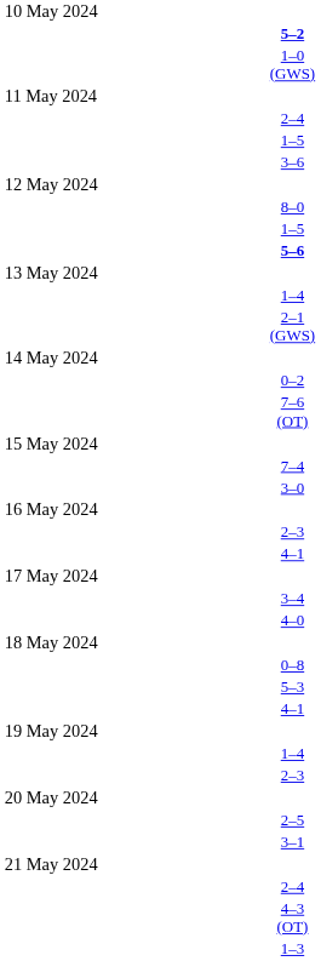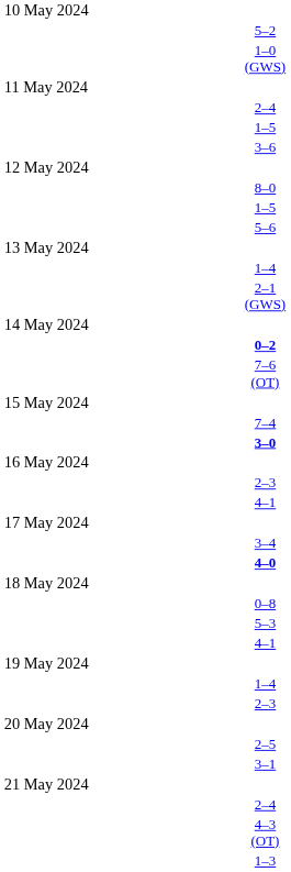 <table style="width:100%;" cellspacing="1">
 <tr>
 <th width=25%></th>
 <th width=2%></th>
 <th width=6%></th>
 <th width=2%></th>
 <th width=25%></th>
 </tr>
 <tr>
 <td>10 May 2024</td>
 </tr>
 <tr style=font-size:90%>
 <td align=right></td>
 <td></td>
-<td align=center><strong><a href='#'>5–2</a></strong></td>
+<td align=center><a href='#'>5–2</a></td>
 <td></td>
 <td></td>
 <td></td>
 </tr>
 <tr style=font-size:90%>
 <td align=right></td>
 <td></td>
 <td align=center><a href='#'>1–0 (GWS)</a></td>
 <td></td>
 <td></td>
 <td></td>
 </tr>
 <tr>
 <td>11 May 2024</td>
 </tr>
 <tr style=font-size:90%>
 <td align=right></td>
 <td></td>
 <td align=center><a href='#'>2–4</a></td>
 <td></td>
 <td></td>
 <td></td>
 </tr>
 <tr style=font-size:90%>
 <td align=right></td>
 <td></td>
 <td align=center><a href='#'>1–5</a></td>
 <td></td>
 <td></td>
 <td></td>
 </tr>
 <tr style=font-size:90%>
 <td align=right></td>
 <td></td>
 <td align=center><a href='#'>3–6</a></td>
 <td></td>
 <td></td>
 <td></td>
 </tr>
 <tr>
 <td>12 May 2024</td>
 </tr>
 <tr style=font-size:90%>
 <td align=right></td>
 <td></td>
 <td align=center><a href='#'>8–0</a></td>
 <td></td>
 <td></td>
 <td></td>
 </tr>
 <tr style=font-size:90%>
 <td align=right></td>
 <td></td>
 <td align=center><a href='#'>1–5</a></td>
 <td></td>
 <td></td>
 <td></td>
 </tr>
 <tr style=font-size:90%>
 <td align=right></td>
 <td></td>
-<td align=center><strong><a href='#'>5–6</a></strong></td>
+<td align=center><a href='#'>5–6</a></td>
 <td></td>
 <td></td>
 <td></td>
 </tr>
 <tr>
 <td>13 May 2024</td>
 </tr>
 <tr style=font-size:90%>
 <td align=right></td>
 <td></td>
 <td align=center><a href='#'>1–4</a></td>
 <td></td>
 <td></td>
 <td></td>
 </tr>
 <tr style=font-size:90%>
 <td align=right></td>
 <td></td>
 <td align=center><a href='#'>2–1 (GWS)</a></td>
 <td></td>
 <td></td>
 <td></td>
 </tr>
 <tr>
 <td>14 May 2024</td>
 </tr>
 <tr style=font-size:90%>
 <td align=right></td>
 <td></td>
-<td align=center><a href='#'>0–2</a></td>
+<td align=center><strong><a href='#'>0–2</a></strong></td>
 <td></td>
 <td></td>
 <td></td>
 </tr>
 <tr style=font-size:90%>
 <td align=right></td>
 <td></td>
 <td align=center><a href='#'>7–6 (OT)</a></td>
 <td></td>
 <td></td>
 <td></td>
 </tr>
 <tr>
 <td>15 May 2024</td>
 </tr>
 <tr style=font-size:90%>
 <td align=right></td>
 <td></td>
 <td align=center><a href='#'>7–4</a></td>
 <td></td>
 <td></td>
 <td></td>
 </tr>
 <tr style=font-size:90%>
 <td align=right></td>
 <td></td>
-<td align=center><a href='#'>3–0</a></td>
+<td align=center><strong><a href='#'>3–0</a></strong></td>
 <td></td>
 <td></td>
 <td></td>
 </tr>
 <tr>
 <td>16 May 2024</td>
 </tr>
 <tr style=font-size:90%>
 <td align=right></td>
 <td></td>
 <td align=center><a href='#'>2–3</a></td>
 <td></td>
 <td></td>
 <td></td>
 </tr>
 <tr style=font-size:90%>
 <td align=right></td>
 <td></td>
 <td align=center><a href='#'>4–1</a></td>
 <td></td>
 <td></td>
 <td></td>
 </tr>
 <tr>
 <td>17 May 2024</td>
 </tr>
 <tr style=font-size:90%>
 <td align=right></td>
 <td></td>
 <td align=center><a href='#'>3–4</a></td>
 <td></td>
 <td></td>
 <td></td>
 </tr>
 <tr style=font-size:90%>
 <td align=right></td>
 <td></td>
-<td align=center><a href='#'>4–0</a></td>
+<td align=center><strong><a href='#'>4–0</a></strong></td>
 <td></td>
 <td></td>
 <td></td>
 </tr>
 <tr>
 <td>18 May 2024</td>
 </tr>
 <tr style=font-size:90%>
 <td align=right></td>
 <td></td>
 <td align=center><a href='#'>0–8</a></td>
 <td></td>
 <td></td>
 <td></td>
 </tr>
 <tr style=font-size:90%>
 <td align=right></td>
 <td></td>
 <td align=center><a href='#'>5–3</a></td>
 <td></td>
 <td></td>
 <td></td>
 </tr>
 <tr style=font-size:90%>
 <td align=right></td>
 <td></td>
 <td align=center><a href='#'>4–1</a></td>
 <td></td>
 <td></td>
 <td></td>
 </tr>
 <tr>
 <td>19 May 2024</td>
 </tr>
 <tr style=font-size:90%>
 <td align=right></td>
 <td></td>
 <td align=center><a href='#'>1–4</a></td>
 <td></td>
 <td></td>
 <td></td>
 </tr>
 <tr style=font-size:90%>
 <td align=right></td>
 <td></td>
 <td align=center><a href='#'>2–3</a></td>
 <td></td>
 <td></td>
 <td></td>
 </tr>
 <tr>
 <td>20 May 2024</td>
 </tr>
 <tr style=font-size:90%>
 <td align=right></td>
 <td></td>
 <td align=center><a href='#'>2–5</a></td>
 <td></td>
 <td></td>
 <td></td>
 </tr>
 <tr style=font-size:90%>
 <td align=right></td>
 <td></td>
 <td align=center><a href='#'>3–1</a></td>
 <td></td>
 <td></td>
 <td></td>
 </tr>
 <tr>
 <td>21 May 2024</td>
 </tr>
 <tr style=font-size:90%>
 <td align=right></td>
 <td></td>
 <td align=center><a href='#'>2–4</a></td>
 <td></td>
 <td></td>
 <td></td>
 </tr>
 <tr style=font-size:90%>
 <td align=right></td>
 <td></td>
 <td align=center><a href='#'>4–3 (OT)</a></td>
 <td></td>
 <td></td>
 <td></td>
 </tr>
 <tr style=font-size:90%>
 <td align=right></td>
 <td></td>
 <td align=center><a href='#'>1–3</a></td>
 <td></td>
 <td></td>
 <td></td>
 </tr>
 </table>
